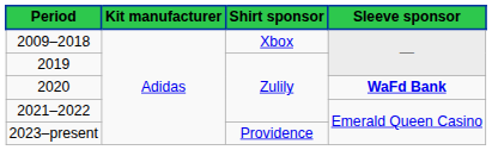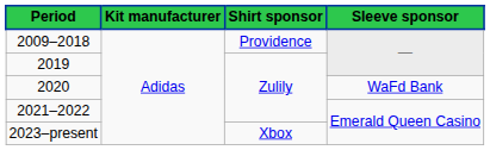 <table class="wikitable" style="text-align: center">
 <tr>
 <th style="background:#2DC84D; color:#000000; border:2px solid #0033A0;" scope="col">Period</th>
 <th style="background:#2DC84D; color:#000000; border:2px solid #0033A0;" scope="col">Kit manufacturer</th>
 <th style="background:#2DC84D; color:#000000; border:2px solid #0033A0;" scope="col">Shirt sponsor</th>
 <th style="background:#2DC84D; color:#000000; border:2px solid #0033A0;" scope="col">Sleeve sponsor</th>
 </tr>
 <tr>
 <td>2009–2018</td>
 <td rowspan="5"><a href='#'>Adidas</a></td>
-<td><a href='#'>Xbox</a></td>
+<td><a href='#'>Providence</a><br></td>
 <td rowspan="2" style="background:#ececec; color:gray">—</td>
 </tr>
 <tr>
 <td>2019</td>
 <td rowspan="3"><a href='#'>Zulily</a></td>
 </tr>
 <tr>
 <td>2020</td>
-<td><strong><a href='#'>WaFd Bank</a></strong></td>
+<td><a href='#'>WaFd Bank</a></td>
 </tr>
 <tr>
 <td>2021–2022</td>
 <td rowspan="2"><a href='#'>Emerald Queen Casino</a></td>
 </tr>
 <tr>
 <td>2023–present</td>
-<td><a href='#'>Providence</a><br></td>
+<td><a href='#'>Xbox</a></td>
 </tr>
 </table>
